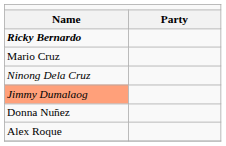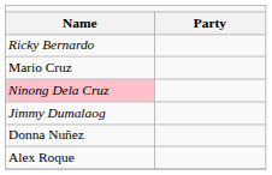 <table class=wikitable style="font-size:90%">
 <tr>
 <td colspan=4 bgcolor=></td>
 </tr>
 <tr>
 <th width=150px>Name</th>
 <th colspan=2 width=110px>Party</th>
 </tr>
 <tr>
-<td><strong><em>Ricky Bernardo</em></strong></td>
+<td><em>Ricky Bernardo</em></td>
 <td></td>
 </tr>
 <tr>
 <td>Mario Cruz</td>
 <td></td>
 </tr>
 <tr>
-<td><em>Ninong Dela Cruz</em></td>
+<td style="background: pink;"><em>Ninong Dela Cruz</em></td>
 <td></td>
 </tr>
 <tr>
-<td style="background: lightsalmon;"><em>Jimmy Dumalaog</em></td>
+<td><em>Jimmy Dumalaog</em></td>
 <td></td>
 </tr>
 <tr>
 <td>Donna Nuñez</td>
 <td></td>
 </tr>
 <tr>
 <td>Alex Roque</td>
 <td></td>
 </tr>
 <tr>
 </tr>
 </table>
